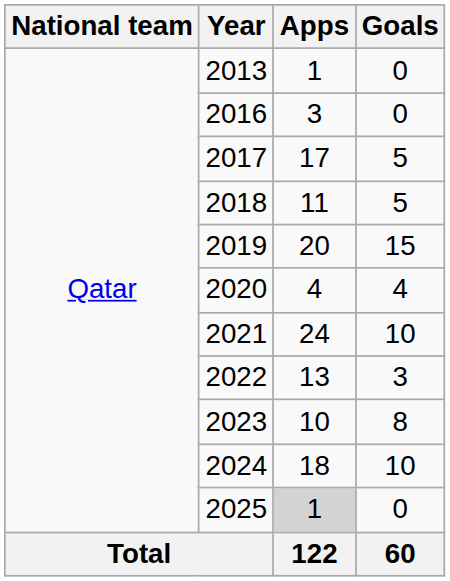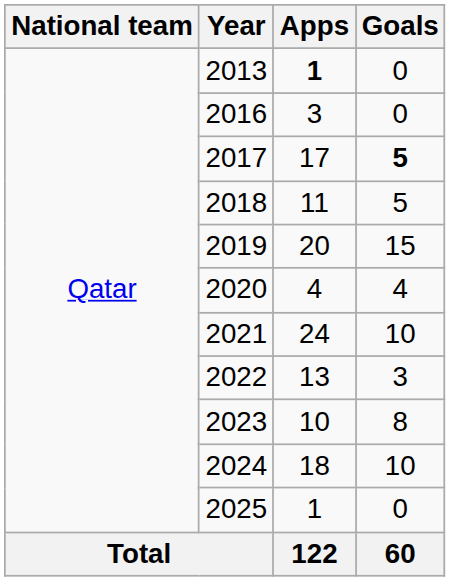 <table class="wikitable" style="text-align:center">
 <tr>
 <th>National team</th>
 <th>Year</th>
 <th>Apps</th>
 <th>Goals</th>
 </tr>
 <tr>
 <td rowspan="11"><a href='#'>Qatar</a></td>
 <td>2013</td>
-<td>1</td>
+<td><strong>1</strong></td>
 <td>0</td>
 </tr>
 <tr>
 <td>2016</td>
 <td>3</td>
 <td>0</td>
 </tr>
 <tr>
 <td>2017</td>
 <td>17</td>
-<td>5</td>
+<td><strong>5</strong></td>
 </tr>
 <tr>
 <td>2018</td>
 <td>11</td>
 <td>5</td>
 </tr>
 <tr>
 <td>2019</td>
 <td>20</td>
 <td>15</td>
 </tr>
 <tr>
 <td>2020</td>
 <td>4</td>
 <td>4</td>
 </tr>
 <tr>
 <td>2021</td>
 <td>24</td>
 <td>10</td>
 </tr>
 <tr>
 <td>2022</td>
 <td>13</td>
 <td>3</td>
 </tr>
 <tr>
 <td>2023</td>
 <td>10</td>
 <td>8</td>
 </tr>
 <tr>
 <td>2024</td>
 <td>18</td>
 <td>10</td>
 </tr>
 <tr>
 <td>2025</td>
-<td style="background: lightgrey;">1</td>
+<td>1</td>
 <td>0</td>
 </tr>
 <tr>
 <th colspan="2">Total</th>
 <th>122</th>
 <th>60</th>
 </tr>
 </table>
